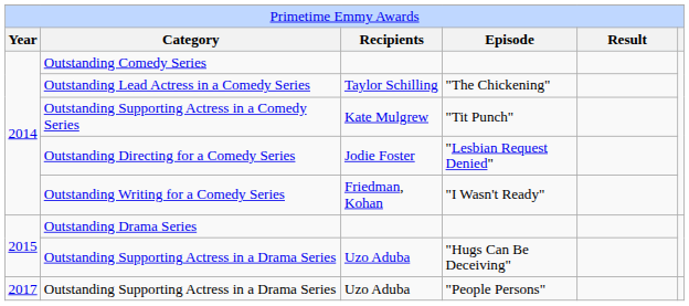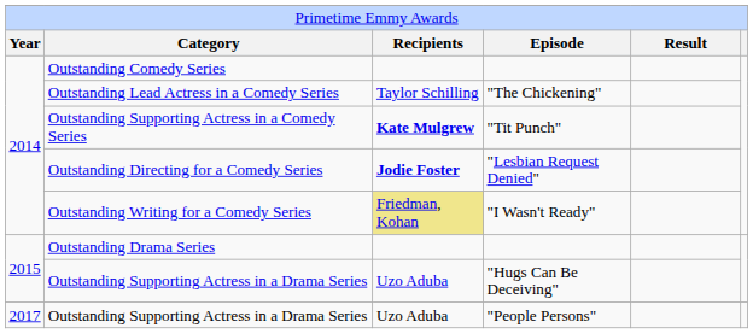 <table class="wikitable plainrowheaders" style="font-size: 100%; width:85%">
 <tr>
 </tr>
 <tr ---- bgcolor="#bfd7ff">
 <td colspan=6 align=center><a href='#'>Primetime Emmy Awards</a></td>
 </tr>
 <tr ---- bgcolor="#ebf5ff">
 <th scope="col" style="width:2%;">Year</th>
 <th scope="col" style="width:45%;">Category</th>
 <th scope="col" style="width:15%;">Recipients</th>
 <th scope="col" style="width:20%;">Episode</th>
 <th scope="col" style="width:15%;">Result</th>
 <th scope="col" class="unsortable" style="width:1%;"></th>
 </tr>
 <tr>
 <td rowspan=5 style="text-align:center;"><a href='#'>2014</a></td>
 <td><a href='#'>Outstanding Comedy Series</a></td>
 <td></td>
 <td></td>
 <td></td>
 <td rowspan=5 style="text-align:center;"><br></td>
 </tr>
 <tr>
 <td><a href='#'>Outstanding Lead Actress in a Comedy Series</a></td>
 <td><a href='#'>Taylor Schilling</a></td>
 <td>"The Chickening"</td>
 <td></td>
 </tr>
 <tr>
 <td><a href='#'>Outstanding Supporting Actress in a Comedy Series</a></td>
-<td><a href='#'>Kate Mulgrew</a></td>
+<td><strong><a href='#'>Kate Mulgrew</a></strong></td>
 <td>"Tit Punch"</td>
 <td></td>
 </tr>
 <tr>
 <td><a href='#'>Outstanding Directing for a Comedy Series</a></td>
-<td><a href='#'>Jodie Foster</a></td>
+<td><strong><a href='#'>Jodie Foster</a></strong></td>
 <td>"<a href='#'>Lesbian Request Denied</a>"</td>
 <td></td>
 </tr>
 <tr>
 <td><a href='#'>Outstanding Writing for a Comedy Series</a></td>
-<td><a href='#'>Friedman</a>, <a href='#'>Kohan</a></td>
+<td style="background: khaki;"><a href='#'>Friedman</a>, <a href='#'>Kohan</a></td>
 <td>"I Wasn't Ready"</td>
 <td></td>
 </tr>
 <tr>
 <td rowspan=2 style="text-align:center;"><a href='#'>2015</a></td>
 <td><a href='#'>Outstanding Drama Series</a></td>
 <td></td>
 <td></td>
 <td></td>
 <td rowspan=2 style="text-align:center;"></td>
 </tr>
 <tr>
 <td><a href='#'>Outstanding Supporting Actress in a Drama Series</a></td>
 <td><a href='#'>Uzo Aduba</a></td>
 <td>"Hugs Can Be Deceiving"</td>
 <td></td>
 </tr>
 <tr>
 <td style="text-align:center;"><a href='#'>2017</a></td>
 <td>Outstanding Supporting Actress in a Drama Series</td>
 <td>Uzo Aduba</td>
 <td>"People Persons"</td>
 <td></td>
 <td style="text-align:center;"></td>
 </tr>
 </table>
